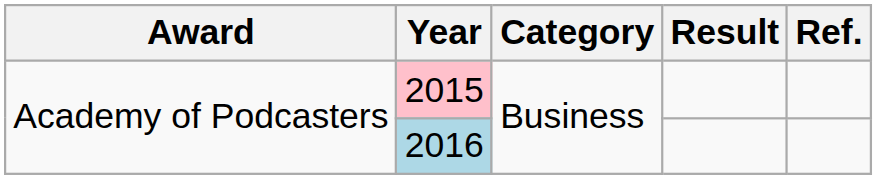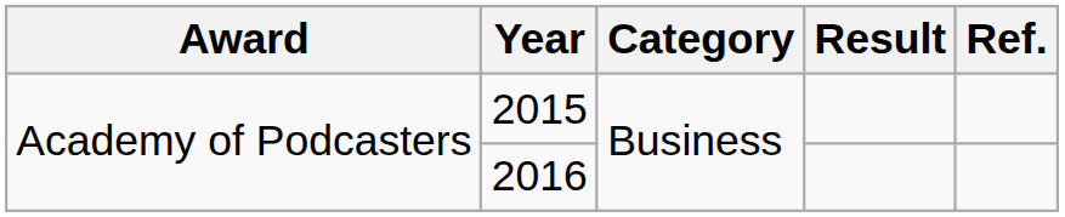 <table class="wikitable sortable">
 <tr>
 <th>Award</th>
 <th>Year</th>
 <th>Category</th>
 <th>Result</th>
 <th>Ref.</th>
 </tr>
 <tr>
 <td rowspan="2">Academy of Podcasters</td>
-<td style="background: pink;">2015</td>
+<td>2015</td>
 <td rowspan="2">Business</td>
 <td></td>
 <td></td>
 </tr>
 <tr>
-<td style="background: lightblue;">2016</td>
+<td>2016</td>
 <td></td>
 <td></td>
 </tr>
 </table>
